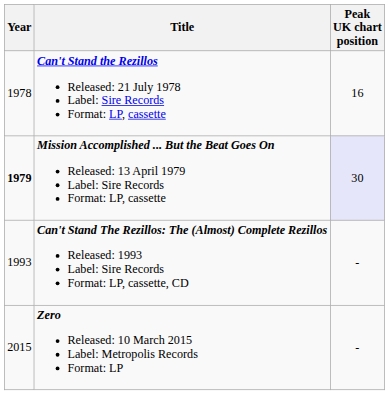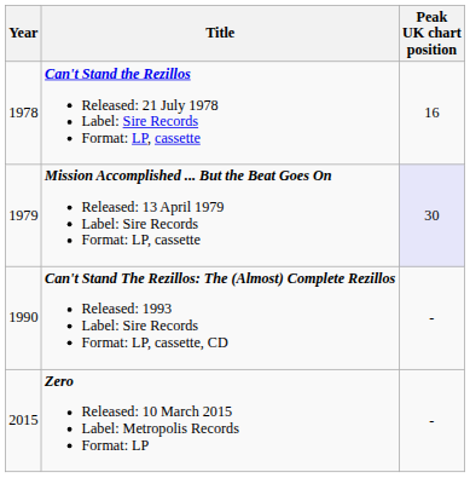 <table class="wikitable" style="text-align:center;">
 <tr>
 <th>Year</th>
 <th>Title</th>
 <th>Peak<br>UK chart<br>position</th>
 </tr>
 <tr>
 <td>1978</td>
 <td align=left><strong><em><a href='#'>Can't Stand the Rezillos</a></em></strong><br><ul><li>Released: 21 July 1978</li><li>Label: <a href='#'>Sire Records</a></li><li>Format: <a href='#'>LP</a>, <a href='#'>cassette</a></li></ul></td>
 <td style="text-align:center;">16</td>
 </tr>
 <tr>
-<td><strong>1979</strong></td>
+<td>1979</td>
 <td align=left><strong><em>Mission Accomplished ... But the Beat Goes On</em></strong><br><ul><li>Released: 13 April 1979</li><li>Label: Sire Records</li><li>Format: LP, cassette</li></ul></td>
 <td style="background: lavender; text-align:center;">30</td>
 </tr>
 <tr>
-<td>1993</td>
+<td>1990</td>
 <td align=left><strong><em>Can't Stand The Rezillos: The (Almost) Complete Rezillos</em></strong><br><ul><li>Released: 1993</li><li>Label: Sire Records</li><li>Format: LP, cassette, CD</li></ul></td>
 <td style="text-align:center;">-</td>
 </tr>
 <tr>
 <td>2015</td>
 <td align=left><strong><em>Zero</em></strong><br><ul><li>Released: 10 March 2015</li><li>Label: Metropolis Records</li><li>Format: LP</li></ul></td>
 <td style="text-align:center;">-</td>
 </tr>
 </table>
